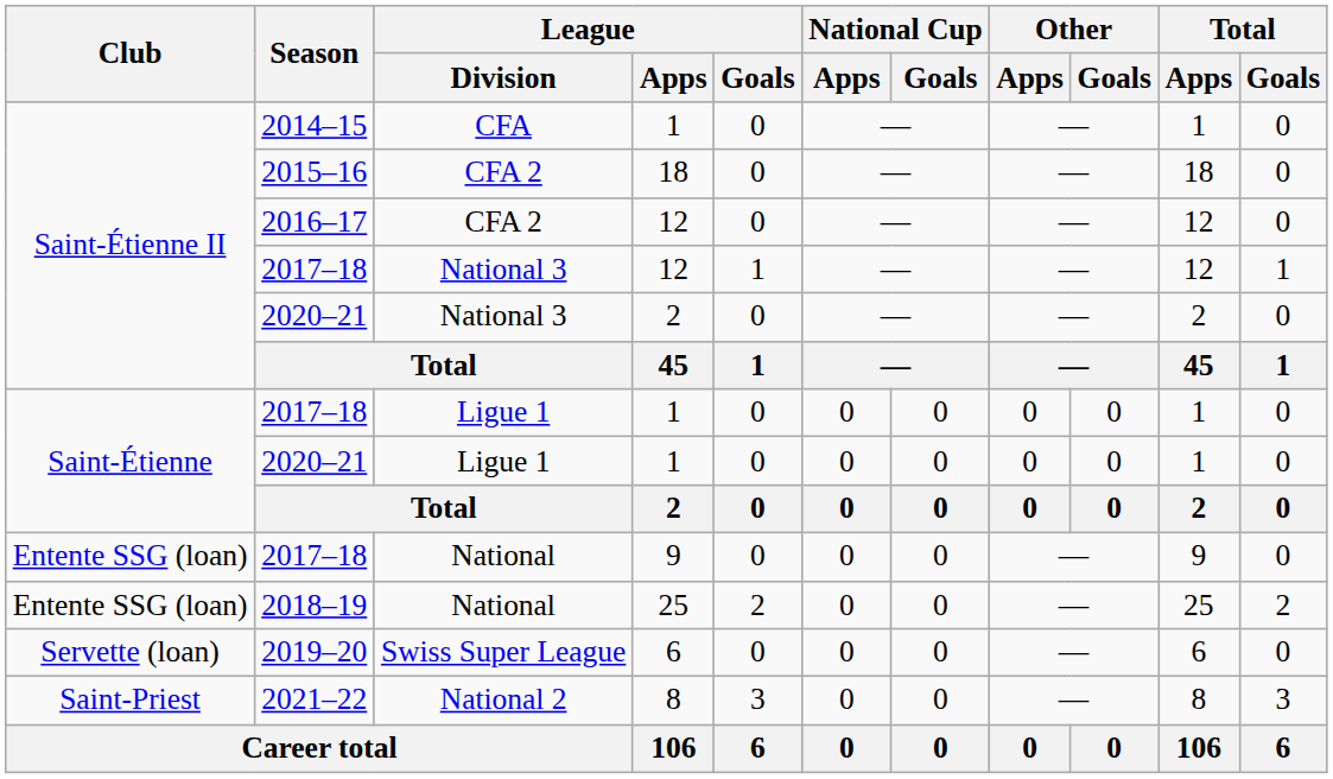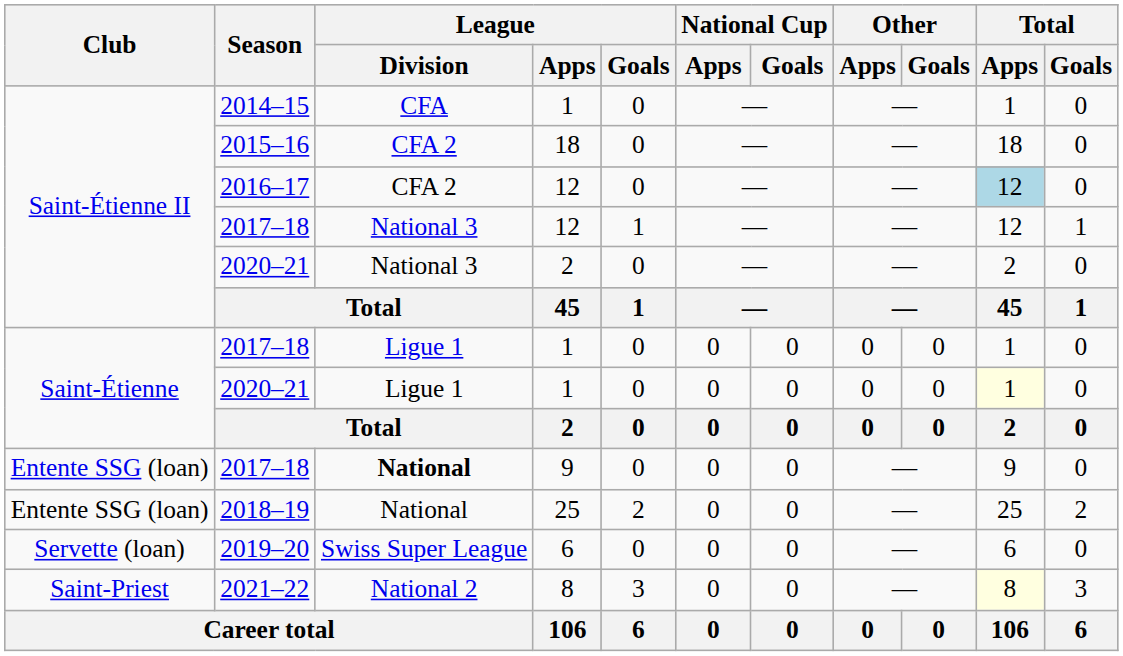 <table class="wikitable" style="text-align: center">
 <tr>
 <th rowspan="2">Club</th>
 <th rowspan="2">Season</th>
 <th colspan="3">League</th>
 <th colspan="2">National Cup</th>
 <th colspan="2">Other</th>
 <th colspan="2">Total</th>
 </tr>
 <tr>
 <th>Division</th>
 <th>Apps</th>
 <th>Goals</th>
 <th>Apps</th>
 <th>Goals</th>
 <th>Apps</th>
 <th>Goals</th>
 <th>Apps</th>
 <th>Goals</th>
 </tr>
 <tr>
 <td rowspan="6"><a href='#'>Saint-Étienne II</a></td>
 <td><a href='#'>2014–15</a></td>
 <td><a href='#'>CFA</a></td>
 <td>1</td>
 <td>0</td>
 <td colspan="2">—</td>
 <td colspan="2">—</td>
 <td>1</td>
 <td>0</td>
 </tr>
 <tr>
 <td><a href='#'>2015–16</a></td>
 <td><a href='#'>CFA 2</a></td>
 <td>18</td>
 <td>0</td>
 <td colspan="2">—</td>
 <td colspan="2">—</td>
 <td>18</td>
 <td>0</td>
 </tr>
 <tr>
 <td><a href='#'>2016–17</a></td>
 <td>CFA 2</td>
 <td>12</td>
 <td>0</td>
 <td colspan="2">—</td>
 <td colspan="2">—</td>
-<td>12</td>
+<td style="background: lightblue;">12</td>
 <td>0</td>
 </tr>
 <tr>
 <td><a href='#'>2017–18</a></td>
 <td><a href='#'>National 3</a></td>
 <td>12</td>
 <td>1</td>
 <td colspan="2">—</td>
 <td colspan="2">—</td>
 <td>12</td>
 <td>1</td>
 </tr>
 <tr>
 <td><a href='#'>2020–21</a></td>
 <td>National 3</td>
 <td>2</td>
 <td>0</td>
 <td colspan="2">—</td>
 <td colspan="2">—</td>
 <td>2</td>
 <td>0</td>
 </tr>
 <tr>
 <th colspan="2">Total</th>
 <th>45</th>
 <th>1</th>
 <th colspan="2">—</th>
 <th colspan="2">—</th>
 <th>45</th>
 <th>1</th>
 </tr>
 <tr>
 <td rowspan="3"><a href='#'>Saint-Étienne</a></td>
 <td><a href='#'>2017–18</a></td>
 <td><a href='#'>Ligue 1</a></td>
 <td>1</td>
 <td>0</td>
 <td>0</td>
 <td>0</td>
 <td>0</td>
 <td>0</td>
 <td>1</td>
 <td>0</td>
 </tr>
 <tr>
 <td><a href='#'>2020–21</a></td>
 <td>Ligue 1</td>
 <td>1</td>
 <td>0</td>
 <td>0</td>
 <td>0</td>
 <td>0</td>
 <td>0</td>
-<td>1</td>
+<td style="background: lightyellow;">1</td>
 <td>0</td>
 </tr>
 <tr>
 <th colspan="2">Total</th>
 <th>2</th>
 <th>0</th>
 <th>0</th>
 <th>0</th>
 <th>0</th>
 <th>0</th>
 <th>2</th>
 <th>0</th>
 </tr>
 <tr>
 <td><a href='#'>Entente SSG</a> (loan)</td>
 <td><a href='#'>2017–18</a></td>
-<td>National</td>
+<td><strong>National</strong></td>
 <td>9</td>
 <td>0</td>
 <td>0</td>
 <td>0</td>
 <td colspan="2">—</td>
 <td>9</td>
 <td>0</td>
 </tr>
 <tr>
 <td>Entente SSG (loan)</td>
 <td><a href='#'>2018–19</a></td>
 <td>National</td>
 <td>25</td>
 <td>2</td>
 <td>0</td>
 <td>0</td>
 <td colspan="2">—</td>
 <td>25</td>
 <td>2</td>
 </tr>
 <tr>
 <td><a href='#'>Servette</a> (loan)</td>
 <td><a href='#'>2019–20</a></td>
 <td><a href='#'>Swiss Super League</a></td>
 <td>6</td>
 <td>0</td>
 <td>0</td>
 <td>0</td>
 <td colspan="2">—</td>
 <td>6</td>
 <td>0</td>
 </tr>
 <tr>
 <td><a href='#'>Saint-Priest</a></td>
 <td><a href='#'>2021–22</a></td>
 <td><a href='#'>National 2</a></td>
 <td>8</td>
 <td>3</td>
 <td>0</td>
 <td>0</td>
 <td colspan="2">—</td>
-<td>8</td>
+<td style="background: lightyellow;">8</td>
 <td>3</td>
 </tr>
 <tr>
 <th colspan="3">Career total</th>
 <th>106</th>
 <th>6</th>
 <th>0</th>
 <th>0</th>
 <th>0</th>
 <th>0</th>
 <th>106</th>
 <th>6</th>
 </tr>
 </table>
